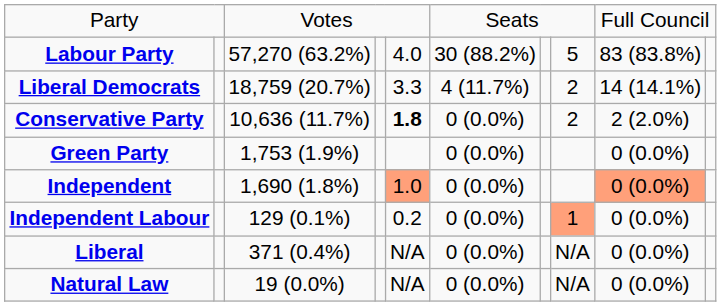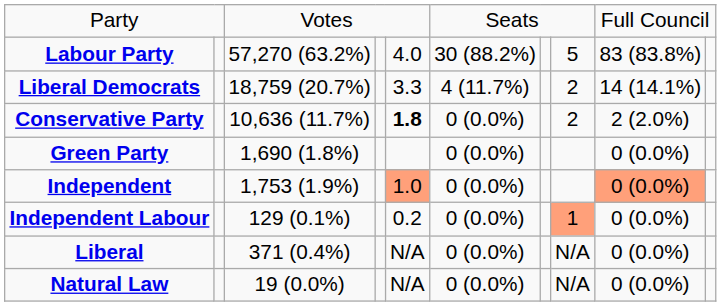 <table class=wikitable style="text-align:center;">
 <tr>
 <td colspan=2>Party</td>
 <td colspan=3>Votes</td>
 <td colspan=3>Seats</td>
 <td colspan=3>Full Council</td>
 </tr>
 <tr>
 <td><strong><a href='#'>Labour Party</a></strong></td>
 <td style="background:"></td>
 <td>57,270 (63.2%)</td>
 <td></td>
 <td> 4.0</td>
 <td>30 (88.2%)</td>
 <td></td>
 <td> 5</td>
 <td>83 (83.8%)</td>
 <td></td>
 </tr>
 <tr>
 <td><strong><a href='#'>Liberal Democrats</a></strong></td>
 <td style="background:"></td>
 <td>18,759 (20.7%)</td>
 <td></td>
 <td> 3.3</td>
 <td>4 (11.7%)</td>
 <td></td>
 <td> 2</td>
 <td>14 (14.1%)</td>
 <td></td>
 </tr>
 <tr>
 <td><strong><a href='#'>Conservative Party</a></strong></td>
 <td style="background:"></td>
 <td>10,636 (11.7%)</td>
 <td></td>
 <td><strong> 1.8</strong></td>
 <td>0 (0.0%)</td>
 <td></td>
 <td> 2</td>
 <td>2 (2.0%)</td>
 <td></td>
 </tr>
 <tr>
 <td><strong><a href='#'>Green Party</a></strong></td>
 <td style="background:"></td>
-<td>1,753 (1.9%)</td>
+<td>1,690 (1.8%)</td>
 <td></td>
 <td></td>
 <td>0 (0.0%)</td>
 <td></td>
 <td></td>
 <td>0 (0.0%)</td>
 <td></td>
 </tr>
 <tr>
 <td><strong><a href='#'>Independent</a></strong></td>
 <td style="background:"></td>
-<td>1,690 (1.8%)</td>
+<td>1,753 (1.9%)</td>
 <td></td>
 <td style="background: lightsalmon;"> 1.0</td>
 <td>0 (0.0%)</td>
 <td></td>
 <td></td>
 <td style="background: lightsalmon;">0 (0.0%)</td>
 <td></td>
 </tr>
 <tr>
 <td><strong><a href='#'>Independent Labour</a></strong></td>
 <td style="background:"></td>
 <td>129 (0.1%)</td>
 <td></td>
 <td> 0.2</td>
 <td>0 (0.0%)</td>
 <td></td>
 <td style="background: lightsalmon;"> 1</td>
 <td>0 (0.0%)</td>
 <td></td>
 </tr>
 <tr>
 <td><strong><a href='#'>Liberal</a></strong></td>
 <td style="background:"></td>
 <td>371 (0.4%)</td>
 <td></td>
 <td>N/A</td>
 <td>0 (0.0%)</td>
 <td></td>
 <td>N/A</td>
 <td>0 (0.0%)</td>
 <td></td>
 </tr>
 <tr>
 <td><strong><a href='#'>Natural Law</a></strong></td>
 <td style="background:"></td>
 <td>19 (0.0%)</td>
 <td></td>
 <td>N/A</td>
 <td>0 (0.0%)</td>
 <td></td>
 <td>N/A</td>
 <td>0 (0.0%)</td>
 <td></td>
 </tr>
 </table>
